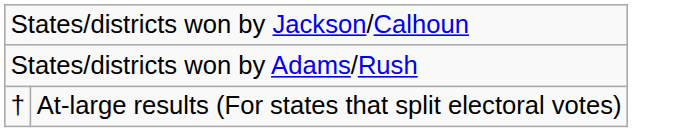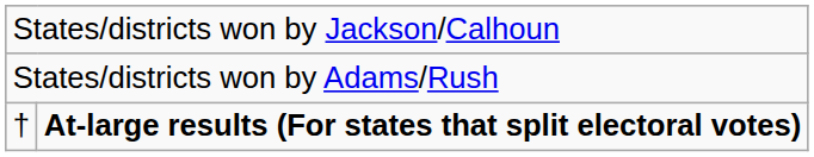 <table class="wikitable">
 <tr>
 <td colspan=2>States/districts won by <a href='#'>Jackson</a>/<a href='#'>Calhoun</a></td>
 </tr>
 <tr>
 <td colspan=2>States/districts won by <a href='#'>Adams</a>/<a href='#'>Rush</a></td>
 </tr>
 <tr>
 <td>†</td>
-<td>At-large results (For states that split electoral votes)</td>
+<td><strong>At-large results (For states that split electoral votes)</strong></td>
 </tr>
 </table>
